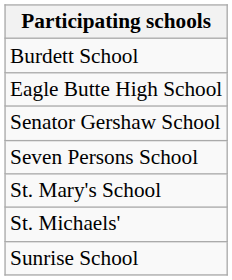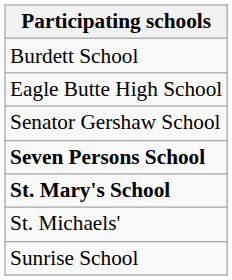 <table class="wikitable" align=right>
 <tr>
 <th>Participating schools</th>
 </tr>
 <tr>
 <td>Burdett School</td>
 </tr>
 <tr>
 <td>Eagle Butte High School</td>
 </tr>
 <tr>
 <td>Senator Gershaw School</td>
 </tr>
 <tr>
-<td>Seven Persons School</td>
+<td><strong>Seven Persons School</strong></td>
 </tr>
 <tr>
-<td>St. Mary's School</td>
+<td><strong>St. Mary's School</strong></td>
 </tr>
 <tr>
 <td>St. Michaels'</td>
 </tr>
 <tr>
 <td>Sunrise School</td>
 </tr>
 </table>
